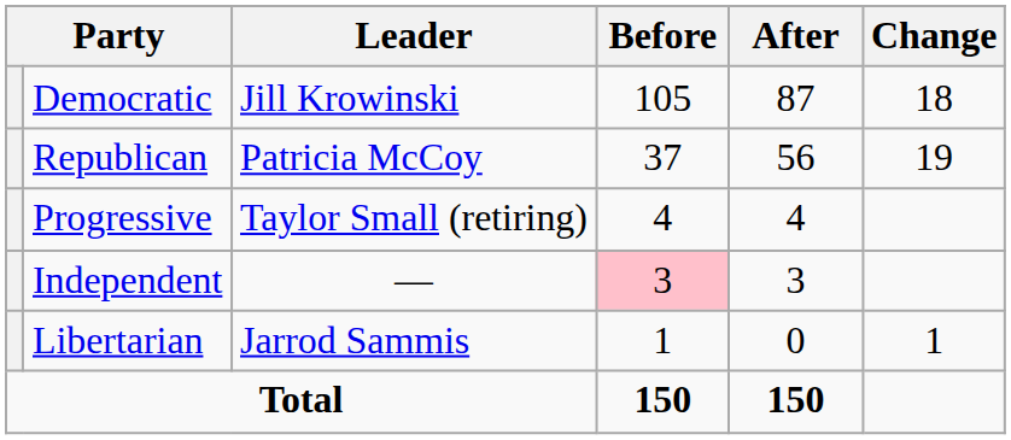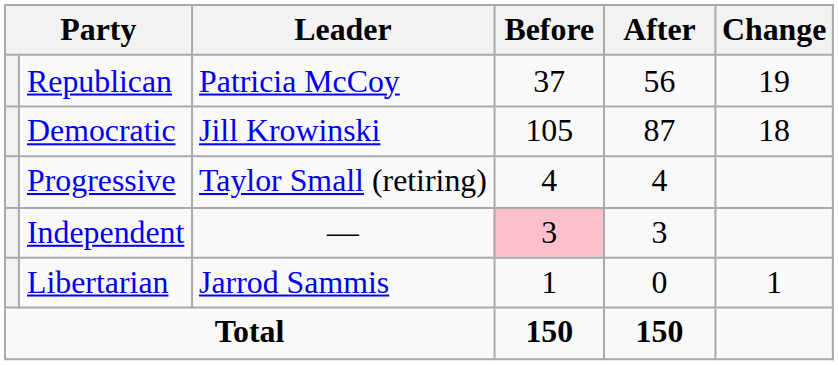 <table class="wikitable" style="text-align:center;">
 <tr>
 </tr>
 <tr>
 <th colspan="2">Party</th>
 <th>Leader</th>
 <th style="width:3em">Before</th>
 <th style="width:3em">After</th>
 <th style="width:3em">Change</th>
 </tr>
 <tr>
 <th style="background-color:"></th>
+<td style="text-align:left;"><a href='#'>Republican</a></td>
+<td style="text-align:left;"><a href='#'>Patricia McCoy</a></td>
+<td>37</td>
+<td>56</td>
+<td> 19</td>
+</tr>
+<tr>
+<th style="background-color:"></th>
 <td style="text-align:left;"><a href='#'>Democratic</a></td>
 <td style="text-align:left;"><a href='#'>Jill Krowinski</a></td>
 <td>105</td>
 <td>87</td>
 <td> 18</td>
-</tr>
-<tr>
-<th style="background-color:"></th>
-<td style="text-align:left;"><a href='#'>Republican</a></td>
-<td style="text-align:left;"><a href='#'>Patricia McCoy</a></td>
-<td>37</td>
-<td>56</td>
-<td> 19</td>
 </tr>
 <tr>
 <th style="background-color:"></th>
 <td style="text-align:left;"><a href='#'>Progressive</a></td>
 <td style="text-align:left;"><a href='#'>Taylor Small</a> (retiring)</td>
 <td>4</td>
 <td>4</td>
 <td></td>
 </tr>
 <tr>
 <th style="background-color:"></th>
 <td style="text-align:left;"><a href='#'>Independent</a></td>
 <td>—</td>
 <td style="background: pink;">3</td>
 <td>3</td>
 <td></td>
 </tr>
 <tr>
 <th style="background-color:"></th>
 <td style="text-align:left;"><a href='#'>Libertarian</a></td>
 <td style="text-align:left;"><a href='#'>Jarrod Sammis</a></td>
 <td>1</td>
 <td>0</td>
 <td> 1</td>
 </tr>
 <tr>
 <td colspan="3"><strong>Total</strong></td>
 <td><strong>150</strong></td>
 <td><strong>150</strong></td>
 <td></td>
 </tr>
 </table>
